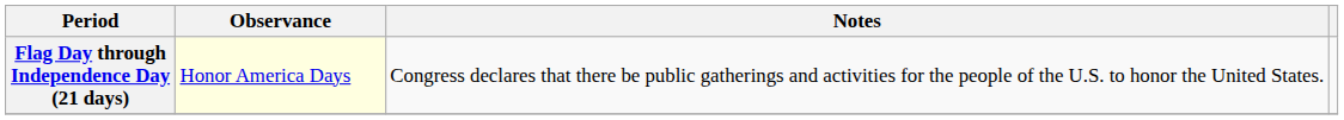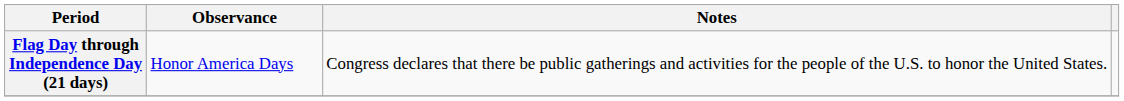 <table class="wikitable sortable">
 <tr>
 <th scope="col" style="width: 8em">Period</th>
 <th scope="col" style="width: 10em">Observance</th>
 <th scope="col" class="unsortable">Notes</th>
 <th scope="col"></th>
 </tr>
 <tr>
 <th scope="row"><a href='#'>Flag Day</a> through<br><a href='#'>Independence Day</a><br>(21 days)</th>
-<td style="background: lightyellow;"><a href='#'>Honor America Days</a></td>
+<td><a href='#'>Honor America Days</a></td>
 <td>Congress declares that there be public gatherings and activities for the people of the U.S. to honor the United States.</td>
 <td data-sort-value=112></td>
 </tr>
 <tr>
 </tr>
 </table>
